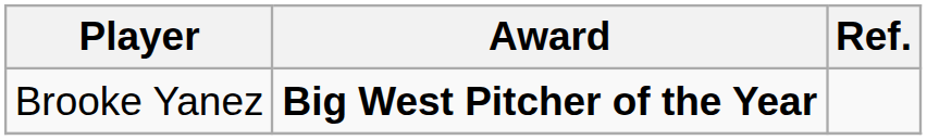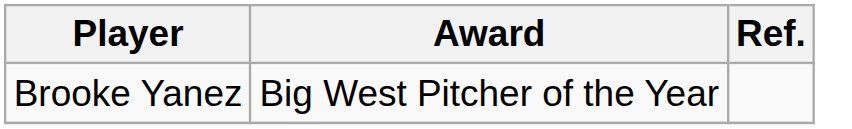 <table class="wikitable sortable sortable" style="text-align: center">
 <tr align=center>
 <th>Player</th>
 <th>Award</th>
 <th>Ref.</th>
 </tr>
 <tr>
 <td>Brooke Yanez</td>
-<td><strong>Big West Pitcher of the Year</strong></td>
+<td>Big West Pitcher of the Year</td>
 <td></td>
 </tr>
 <tr>
 </tr>
 </table>
